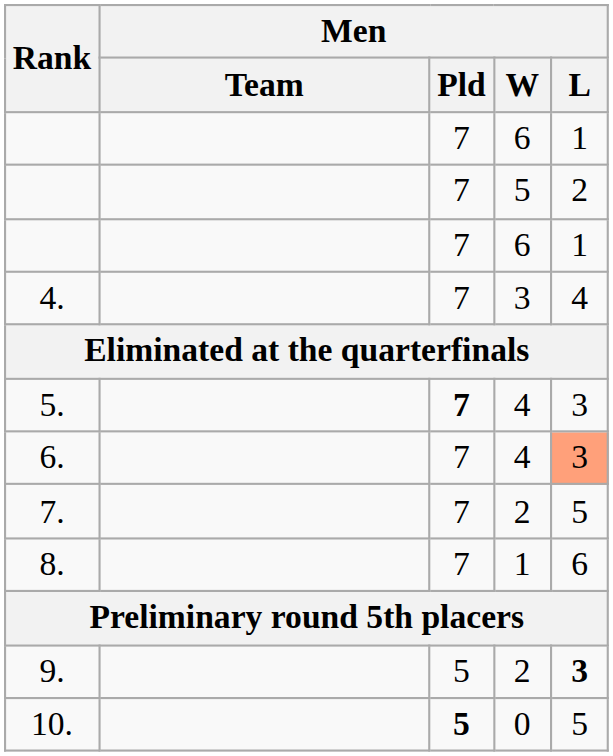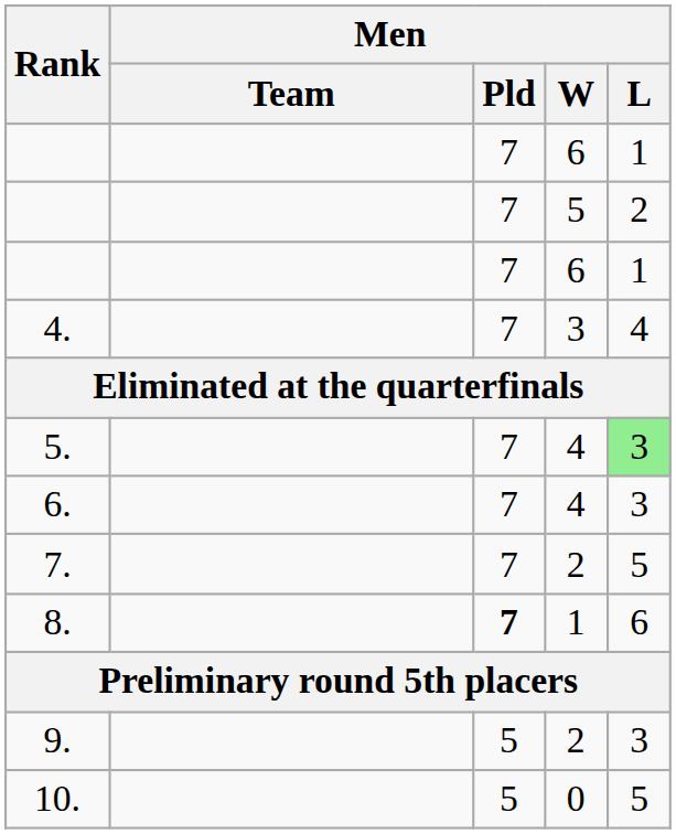 <table class=wikitable>
 <tr>
 <th rowspan=2>Rank</th>
 <th colspan=4>Men</th>
 </tr>
 <tr>
 <th width=150px>Team</th>
 <th width=20px>Pld</th>
 <th width=20px>W</th>
 <th width=20px>L</th>
 </tr>
 <tr align=center>
 <td></td>
 <td align=left></td>
 <td>7</td>
 <td>6</td>
 <td>1</td>
 </tr>
 <tr align=center>
 <td></td>
 <td align=left></td>
 <td>7</td>
 <td>5</td>
 <td>2</td>
 </tr>
 <tr align=center>
 <td></td>
 <td align=left></td>
 <td>7</td>
 <td>6</td>
 <td>1</td>
 </tr>
 <tr align=center>
 <td>4.</td>
 <td align=left></td>
 <td>7</td>
 <td>3</td>
 <td>4</td>
 </tr>
 <tr>
 <th colspan=9>Eliminated at the quarterfinals</th>
 </tr>
 <tr align=center>
 <td>5.</td>
 <td align=left></td>
-<td><strong>7</strong></td>
+<td>7</td>
 <td>4</td>
-<td>3</td>
+<td style="background: lightgreen;">3</td>
 </tr>
 <tr align=center>
 <td>6.</td>
 <td align=left></td>
 <td>7</td>
 <td>4</td>
-<td style="background: lightsalmon;">3</td>
+<td>3</td>
 </tr>
 <tr align=center>
 <td>7.</td>
 <td align=left></td>
 <td>7</td>
 <td>2</td>
 <td>5</td>
 </tr>
 <tr align=center>
 <td>8.</td>
 <td align=left></td>
-<td>7</td>
+<td><strong>7</strong></td>
 <td>1</td>
 <td>6</td>
 </tr>
 <tr>
 <th colspan=9>Preliminary round 5th placers</th>
 </tr>
 <tr align=center>
 <td>9.</td>
 <td align=left></td>
 <td>5</td>
 <td>2</td>
-<td><strong>3</strong></td>
+<td>3</td>
 </tr>
 <tr align=center>
 <td>10.</td>
 <td align=left></td>
-<td><strong>5</strong></td>
+<td>5</td>
 <td>0</td>
 <td>5</td>
 </tr>
 </table>
